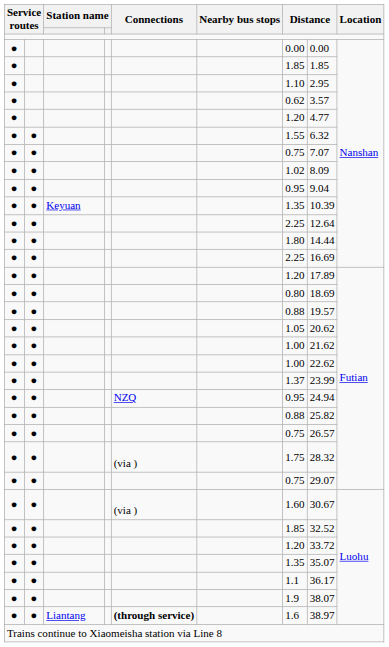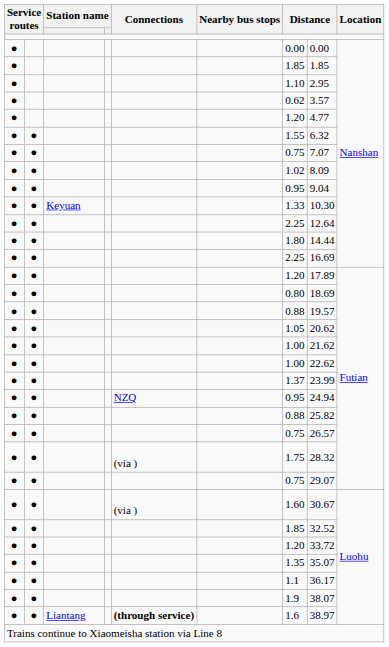 <table class="wikitable">
 <tr>
 <th rowspan="2" colspan="2">Service<br>routes</th>
 <th colspan="2">Station name</th>
 <th rowspan="2">Connections</th>
 <th rowspan="2">Nearby bus stops</th>
 <th colspan="2" rowspan="2">Distance<br></th>
 <th rowspan="2">Location</th>
 </tr>
 <tr>
 <th></th>
 <th></th>
 </tr>
 <tr style="background:#">
 <td colspan = "9"></td>
 </tr>
 <tr>
 <td align="center">●</td>
 <td align="center"></td>
 <td></td>
 <td></td>
 <td></td>
 <td></td>
 <td>0.00</td>
 <td>0.00</td>
 <td rowspan=13><a href='#'>Nanshan</a></td>
 </tr>
 <tr>
 <td align="center">●</td>
 <td align="center"></td>
 <td></td>
 <td></td>
 <td></td>
 <td></td>
 <td>1.85</td>
 <td>1.85</td>
 </tr>
 <tr>
 <td align="center">●</td>
 <td align="center"></td>
 <td></td>
 <td></td>
 <td></td>
 <td></td>
 <td>1.10</td>
 <td>2.95</td>
 </tr>
 <tr>
 <td align="center">●</td>
 <td align="center"></td>
 <td></td>
 <td></td>
 <td></td>
 <td></td>
 <td>0.62</td>
 <td>3.57</td>
 </tr>
 <tr>
 <td align="center">●</td>
 <td align="center"></td>
 <td></td>
 <td></td>
 <td></td>
 <td></td>
 <td>1.20</td>
 <td>4.77</td>
 </tr>
 <tr>
 <td align="center">●</td>
 <td align="center">●</td>
 <td></td>
 <td></td>
 <td></td>
 <td></td>
 <td>1.55</td>
 <td>6.32</td>
 </tr>
 <tr>
 <td align="center">●</td>
 <td align="center">●</td>
 <td></td>
 <td></td>
 <td></td>
 <td></td>
 <td>0.75</td>
 <td>7.07</td>
 </tr>
 <tr>
 <td align="center">●</td>
 <td align="center">●</td>
 <td></td>
 <td></td>
 <td></td>
 <td></td>
 <td>1.02</td>
 <td>8.09</td>
 </tr>
 <tr>
 <td align="center">●</td>
 <td align="center">●</td>
 <td></td>
 <td></td>
 <td> </td>
 <td></td>
 <td>0.95</td>
 <td>9.04</td>
 </tr>
 <tr>
 <td align="center">●</td>
 <td align="center">●</td>
 <td><a href='#'>Keyuan</a></td>
 <td></td>
 <td></td>
 <td></td>
-<td>1.35</td>
-<td>10.39</td>
+<td>1.33</td>
+<td>10.30</td>
 </tr>
 <tr>
 <td align="center">●</td>
 <td align="center">●</td>
 <td></td>
 <td></td>
 <td></td>
 <td></td>
 <td>2.25</td>
 <td>12.64</td>
 </tr>
 <tr>
 <td align="center">●</td>
 <td align="center">●</td>
 <td></td>
 <td></td>
 <td></td>
 <td></td>
 <td>1.80</td>
 <td>14.44</td>
 </tr>
 <tr>
 <td align="center">●</td>
 <td align="center">●</td>
 <td></td>
 <td></td>
 <td></td>
 <td></td>
 <td>2.25</td>
 <td>16.69</td>
 </tr>
 <tr>
 <td align="center">●</td>
 <td align="center">●</td>
 <td></td>
 <td></td>
 <td></td>
 <td></td>
 <td>1.20</td>
 <td>17.89</td>
 <td rowspan=12><a href='#'>Futian</a></td>
 </tr>
 <tr>
 <td align="center">●</td>
 <td align="center">●</td>
 <td></td>
 <td></td>
 <td></td>
 <td></td>
 <td>0.80</td>
 <td>18.69</td>
 </tr>
 <tr>
 <td align="center">●</td>
 <td align="center">●</td>
 <td></td>
 <td></td>
 <td></td>
 <td></td>
 <td>0.88</td>
 <td>19.57</td>
 </tr>
 <tr>
 <td align="center">●</td>
 <td align="center">●</td>
 <td></td>
 <td></td>
 <td></td>
 <td></td>
 <td>1.05</td>
 <td>20.62</td>
 </tr>
 <tr>
 <td align="center">●</td>
 <td align="center">●</td>
 <td></td>
 <td></td>
 <td></td>
 <td></td>
 <td>1.00</td>
 <td>21.62</td>
 </tr>
 <tr>
 <td align="center">●</td>
 <td align="center">●</td>
 <td></td>
 <td></td>
 <td></td>
 <td></td>
 <td>1.00</td>
 <td>22.62</td>
 </tr>
 <tr>
 <td align="center">●</td>
 <td align="center">●</td>
 <td></td>
 <td></td>
 <td></td>
 <td></td>
 <td>1.37</td>
 <td>23.99</td>
 </tr>
 <tr>
 <td align="center">●</td>
 <td align="center">●</td>
 <td></td>
 <td></td>
 <td>    <a href='#'>NZQ</a></td>
 <td></td>
 <td>0.95</td>
 <td>24.94</td>
 </tr>
 <tr>
 <td align="center">●</td>
 <td align="center">●</td>
 <td></td>
 <td></td>
 <td></td>
 <td></td>
 <td>0.88</td>
 <td>25.82</td>
 </tr>
 <tr>
 <td align="center">●</td>
 <td align="center">●</td>
 <td></td>
 <td></td>
 <td>  </td>
 <td></td>
 <td>0.75</td>
 <td>26.57</td>
 </tr>
 <tr>
 <td align="center">●</td>
 <td align="center">●</td>
 <td></td>
 <td></td>
 <td><br> (via )</td>
 <td></td>
 <td>1.75</td>
 <td>28.32</td>
 </tr>
 <tr>
 <td align="center">●</td>
 <td align="center">●</td>
 <td></td>
 <td></td>
 <td></td>
 <td></td>
 <td>0.75</td>
 <td>29.07</td>
 </tr>
 <tr>
 <td align="center">●</td>
 <td align="center">●</td>
 <td></td>
 <td></td>
 <td>  <br>  (via )</td>
 <td></td>
 <td>1.60</td>
 <td>30.67</td>
 <td rowspan="7"><a href='#'>Luohu</a></td>
 </tr>
 <tr>
 <td align="center">●</td>
 <td align="center">●</td>
 <td></td>
 <td></td>
 <td></td>
 <td></td>
 <td>1.85</td>
 <td>32.52</td>
 </tr>
 <tr>
 <td align="center">●</td>
 <td align="center">●</td>
 <td></td>
 <td></td>
 <td></td>
 <td></td>
 <td>1.20</td>
 <td>33.72</td>
 </tr>
 <tr>
 <td align="center">●</td>
 <td align="center">●</td>
 <td></td>
 <td></td>
 <td></td>
 <td></td>
 <td>1.35</td>
 <td>35.07</td>
 </tr>
 <tr>
 <td align="center">●</td>
 <td align="center">●</td>
 <td></td>
 <td></td>
 <td></td>
 <td></td>
 <td>1.1</td>
 <td>36.17</td>
 </tr>
 <tr>
 <td align="center">●</td>
 <td align="center">●</td>
 <td></td>
 <td></td>
 <td></td>
 <td></td>
 <td>1.9</td>
 <td>38.07</td>
 </tr>
 <tr>
 <td align="center">●</td>
 <td align="center">●</td>
 <td><a href='#'>Liantang</a></td>
 <td></td>
 <td><strong> (through service)</strong></td>
 <td></td>
 <td>1.6</td>
 <td>38.97</td>
 </tr>
 <tr style="background:#">
 <td colspan = "9"> Trains continue to Xiaomeisha station via Line 8 </td>
 </tr>
 </table>
